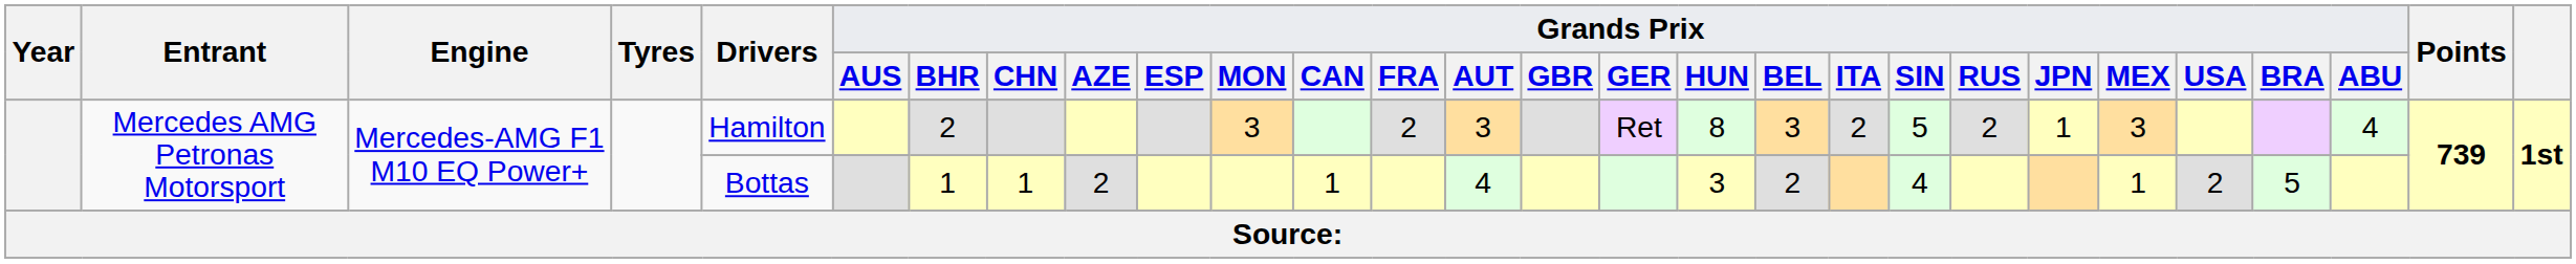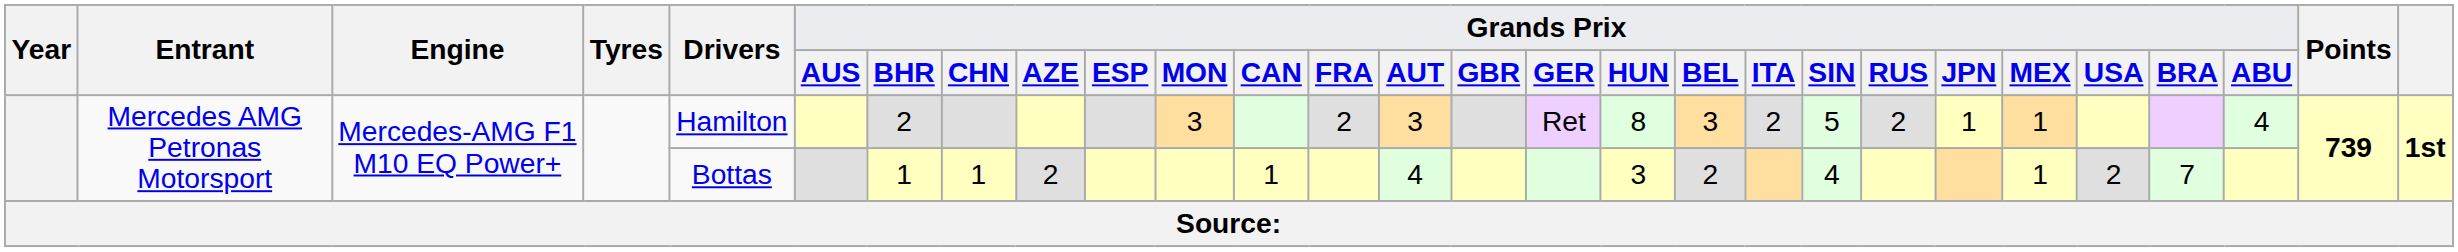 <table class="wikitable" style="text-align:center; font-size:90%">
 <tr>
 <th rowspan="2">Year</th>
 <th rowspan="2">Entrant</th>
 <th rowspan="2">Engine</th>
 <th rowspan="2">Tyres</th>
 <th rowspan="2">Drivers</th>
 <td colspan="21" style="background:#eaecf0; text-align:center;"><strong>Grands Prix</strong></td>
 <th rowspan="2">Points</th>
 <th rowspan="2"></th>
 </tr>
 <tr>
 <th><a href='#'>AUS</a></th>
 <th><a href='#'>BHR</a></th>
 <th><a href='#'>CHN</a></th>
 <th><a href='#'>AZE</a></th>
 <th><a href='#'>ESP</a></th>
 <th><a href='#'>MON</a></th>
 <th><a href='#'>CAN</a></th>
 <th><a href='#'>FRA</a></th>
 <th><a href='#'>AUT</a></th>
 <th><a href='#'>GBR</a></th>
 <th><a href='#'>GER</a></th>
 <th><a href='#'>HUN</a></th>
 <th><a href='#'>BEL</a></th>
 <th><a href='#'>ITA</a></th>
 <th><a href='#'>SIN</a></th>
 <th><a href='#'>RUS</a></th>
 <th><a href='#'>JPN</a></th>
 <th><a href='#'>MEX</a></th>
 <th><a href='#'>USA</a></th>
 <th><a href='#'>BRA</a></th>
 <th><a href='#'>ABU</a></th>
 </tr>
 <tr>
 <th rowspan="2"></th>
 <td rowspan="2"><a href='#'>Mercedes AMG Petronas Motorsport</a></td>
 <td rowspan="2"><a href='#'>Mercedes-AMG F1 M10 EQ Power+</a></td>
 <td rowspan="2"></td>
 <td><a href='#'>Hamilton</a></td>
 <td style="background:#FFFFBF;"></td>
 <td style="background:#dfdfdf">2</td>
 <td style="background:#dfdfdf"></td>
 <td style="background:#ffffbf"></td>
 <td style="background:#dfdfdf"></td>
 <td style="background:#ffdf9f">3</td>
 <td style="background:#dfffdf"></td>
 <td style="background:#dfdfdf">2</td>
 <td style="background-color:#ffdf9f">3</td>
 <td style="background:#dfdfdf"></td>
 <td style="background:#efcfff;">Ret</td>
 <td style="background:#dfffdf">8</td>
 <td style="background:#ffdf9f">3</td>
 <td style="background:#dfdfdf">2</td>
 <td style="background:#dfffdf">5</td>
 <td style="background:#dfdfdf">2</td>
 <td style="background:#ffffbf">1</td>
-<td style="background:#ffdf9f">3</td>
+<td style="background:#ffdf9f">1</td>
 <td style="background:#ffffbf"></td>
 <td style="background:#efcfff;"></td>
 <td style="background:#dfffdf">4</td>
 <th rowspan="2" style="background-color:#ffffbf">739</th>
 <th rowspan="2" style="background-color:#ffffbf">1st</th>
 </tr>
 <tr>
 <td><a href='#'>Bottas</a></td>
 <td style="background:#DFDFDF;"></td>
 <td style="background:#ffffbf">1</td>
 <td style="background:#ffffbf">1</td>
 <td style="background:#dfdfdf">2</td>
 <td style="background:#ffffbf"></td>
 <td style="background:#ffffbf"></td>
 <td style="background:#ffffbf">1</td>
 <td style="background:#ffffbf"></td>
 <td style="background-color:#dfffdf">4</td>
 <td style="background:#ffffbf"></td>
 <td style="background:#dfffdf"></td>
 <td style="background:#ffffbf">3</td>
 <td style="background:#dfdfdf">2</td>
 <td style="background:#ffdf9f"></td>
 <td style="background:#dfffdf">4</td>
 <td style="background:#ffffbf"></td>
 <td style="background:#ffdf9f"></td>
 <td style="background:#ffffbf">1</td>
 <td style="background:#dfdfdf">2</td>
-<td style="background:#dfffdf">5</td>
+<td style="background:#dfffdf">7</td>
 <td style="background:#ffffbf"></td>
 </tr>
 <tr>
 <th colspan="28">Source:</th>
 </tr>
 </table>
